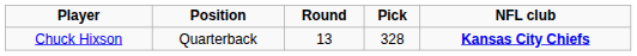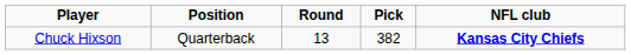 <table class="wikitable" width="80%">
 <tr align="center">
 <td><strong>Player</strong></td>
 <td><strong>Position</strong></td>
 <td><strong>Round</strong></td>
 <td><strong>Pick</strong></td>
 <td><strong>NFL club</strong></td>
 </tr>
 <tr align="center" bgcolor="">
 <td><a href='#'>Chuck Hixson</a></td>
 <td>Quarterback</td>
 <td>13</td>
-<td>328</td>
+<td>382</td>
 <td><strong><a href='#'>Kansas City Chiefs</a></strong></td>
 </tr>
 </table>
